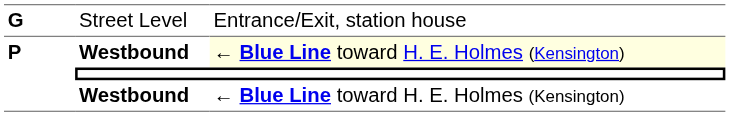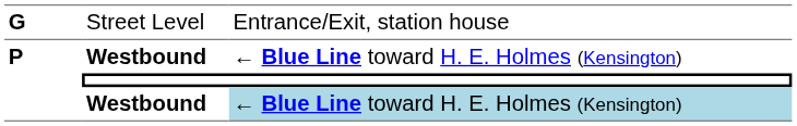 <table table border=0 cellspacing=0 cellpadding=3>
 <tr>
 <td style="border-top:solid 1px gray;" width=50 valign=top><strong>G</strong></td>
 <td style="border-top:solid 1px gray;" width=100 valign=top>Street Level</td>
 <td style="border-top:solid 1px gray;" width=400 valign=top>Entrance/Exit, station house</td>
 </tr>
 <tr>
 <td style="border-top:solid 1px gray;border-bottom:solid 1px gray;" width=50 rowspan=3 valign=top><strong>P</strong></td>
 <td style="border-top:solid 1px gray;" width=100><strong>Westbound</strong></td>
-<td style="background: lightyellow; border-top:solid 1px gray;" width=400>← <a href='#'><span><strong>Blue Line</strong></span></a> toward <a href='#'>H. E. Holmes</a> <small>(<a href='#'>Kensington</a>)</small></td>
+<td style="border-top:solid 1px gray;" width=400>← <a href='#'><span><strong>Blue Line</strong></span></a> toward <a href='#'>H. E. Holmes</a> <small>(<a href='#'>Kensington</a>)</small></td>
 </tr>
 <tr>
 <td style="border-top:solid 2px black;border-right:solid 2px black;border-left:solid 2px black;border-bottom:solid 2px black;text-align:center;" colspan=2></td>
 </tr>
 <tr>
 <td style="border-bottom:solid 1px gray;"><strong>Westbound</strong></td>
-<td style="border-bottom:solid 1px gray;">← <a href='#'><span><strong>Blue Line</strong></span></a> toward H. E. Holmes <small>(Kensington)</small></td>
+<td style="background: lightblue; border-bottom:solid 1px gray;">← <a href='#'><span><strong>Blue Line</strong></span></a> toward H. E. Holmes <small>(Kensington)</small></td>
 </tr>
 </table>
